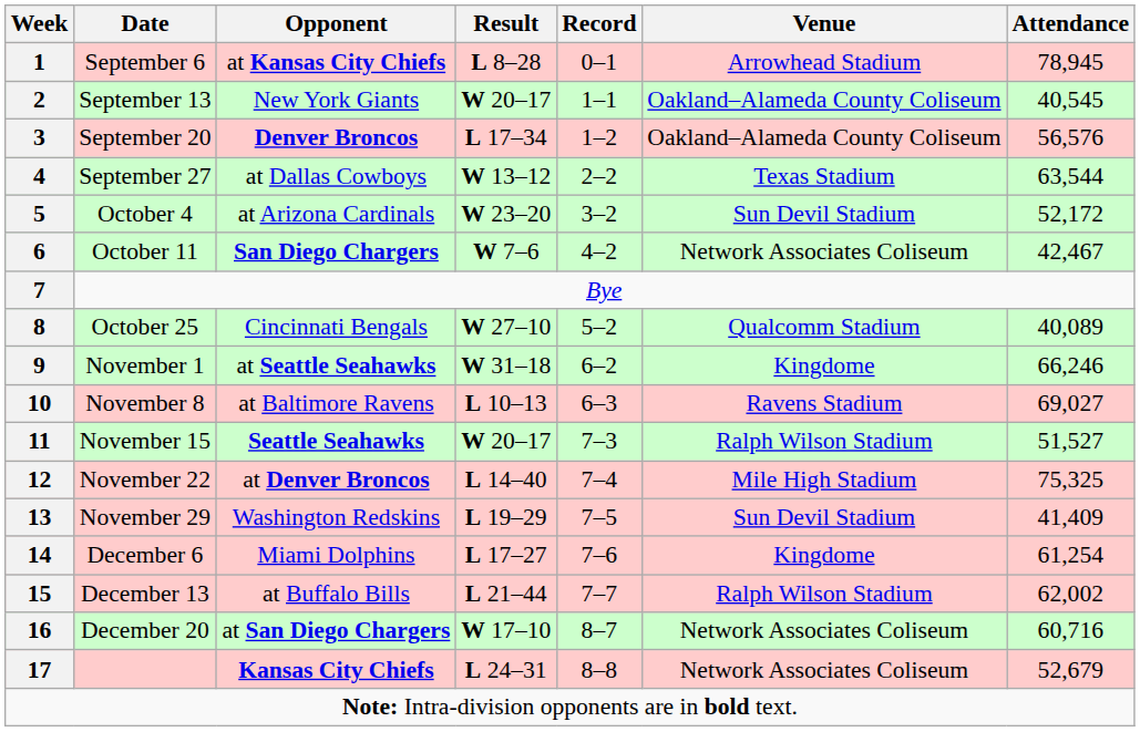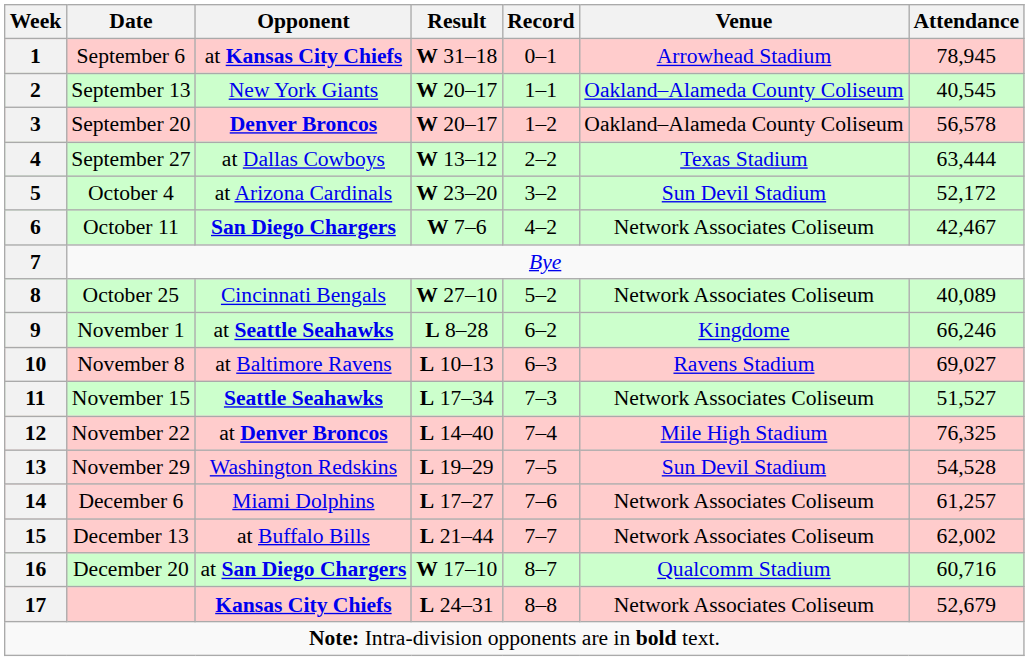 <table class="wikitable" style="text-align:center">
 <tr>
 <th>Week</th>
 <th>Date</th>
 <th>Opponent</th>
 <th>Result</th>
 <th>Record</th>
 <th>Venue</th>
 <th>Attendance</th>
 </tr>
 <tr style="background:#fcc">
 <th>1</th>
 <td>September 6</td>
 <td>at <strong><a href='#'>Kansas City Chiefs</a></strong></td>
-<td><strong>L</strong> 8–28</td>
+<td><strong>W</strong> 31–18</td>
 <td>0–1</td>
 <td><a href='#'>Arrowhead Stadium</a></td>
 <td>78,945</td>
 </tr>
 <tr style="background:#cfc">
 <th>2</th>
 <td>September 13</td>
 <td><a href='#'>New York Giants</a></td>
 <td><strong>W</strong> 20–17</td>
 <td>1–1</td>
 <td><a href='#'>Oakland–Alameda County Coliseum</a></td>
 <td>40,545</td>
 </tr>
 <tr style="background:#fcc">
 <th>3</th>
 <td>September 20</td>
 <td><strong><a href='#'>Denver Broncos</a></strong></td>
-<td><strong>L</strong> 17–34</td>
+<td><strong>W</strong> 20–17</td>
 <td>1–2</td>
 <td>Oakland–Alameda County Coliseum</td>
-<td>56,576</td>
+<td>56,578</td>
 </tr>
 <tr style="background:#cfc">
 <th>4</th>
 <td>September 27</td>
 <td>at <a href='#'>Dallas Cowboys</a></td>
 <td><strong>W</strong> 13–12</td>
 <td>2–2</td>
 <td><a href='#'>Texas Stadium</a></td>
-<td>63,544</td>
+<td>63,444</td>
 </tr>
 <tr style="background:#cfc">
 <th>5</th>
 <td>October 4</td>
 <td>at <a href='#'>Arizona Cardinals</a></td>
 <td><strong>W</strong> 23–20</td>
 <td>3–2</td>
 <td><a href='#'>Sun Devil Stadium</a></td>
 <td>52,172</td>
 </tr>
 <tr style="background:#cfc">
 <th>6</th>
 <td>October 11</td>
 <td><strong><a href='#'>San Diego Chargers</a></strong></td>
 <td><strong>W</strong> 7–6</td>
 <td>4–2</td>
 <td>Network Associates Coliseum</td>
 <td>42,467</td>
 </tr>
 <tr>
 <th>7</th>
 <td colspan=6 align="center"><em><a href='#'>Bye</a></em></td>
 </tr>
 <tr style="background:#cfc">
 <th>8</th>
 <td>October 25</td>
 <td><a href='#'>Cincinnati Bengals</a></td>
 <td><strong>W</strong> 27–10</td>
 <td>5–2</td>
-<td><a href='#'>Qualcomm Stadium</a></td>
+<td>Network Associates Coliseum</td>
 <td>40,089</td>
 </tr>
 <tr style="background:#cfc">
 <th>9</th>
 <td>November 1</td>
 <td>at <strong><a href='#'>Seattle Seahawks</a></strong></td>
-<td><strong>W</strong> 31–18</td>
+<td><strong>L</strong> 8–28</td>
 <td>6–2</td>
 <td><a href='#'>Kingdome</a></td>
 <td>66,246</td>
 </tr>
 <tr style="background:#fcc">
 <th>10</th>
 <td>November 8</td>
 <td>at <a href='#'>Baltimore Ravens</a></td>
 <td><strong>L</strong> 10–13</td>
 <td>6–3</td>
 <td><a href='#'>Ravens Stadium</a></td>
 <td>69,027</td>
 </tr>
 <tr style="background:#cfc">
 <th>11</th>
 <td>November 15</td>
 <td><strong><a href='#'>Seattle Seahawks</a></strong></td>
-<td><strong>W</strong> 20–17</td>
+<td><strong>L</strong> 17–34</td>
 <td>7–3</td>
-<td><a href='#'>Ralph Wilson Stadium</a></td>
+<td>Network Associates Coliseum</td>
 <td>51,527</td>
 </tr>
 <tr style="background:#fcc">
 <th>12</th>
 <td>November 22</td>
 <td>at <strong><a href='#'>Denver Broncos</a></strong></td>
 <td><strong>L</strong> 14–40</td>
 <td>7–4</td>
 <td><a href='#'>Mile High Stadium</a></td>
-<td>75,325</td>
+<td>76,325</td>
 </tr>
 <tr style="background:#fcc">
 <th>13</th>
 <td>November 29</td>
 <td><a href='#'>Washington Redskins</a></td>
 <td><strong>L</strong> 19–29</td>
 <td>7–5</td>
 <td><a href='#'>Sun Devil Stadium</a></td>
-<td>41,409</td>
+<td>54,528</td>
 </tr>
 <tr style="background:#fcc">
 <th>14</th>
 <td>December 6</td>
 <td><a href='#'>Miami Dolphins</a></td>
 <td><strong>L</strong> 17–27</td>
 <td>7–6</td>
-<td><a href='#'>Kingdome</a></td>
-<td>61,254</td>
+<td>Network Associates Coliseum</td>
+<td>61,257</td>
 </tr>
 <tr style="background:#fcc">
 <th>15</th>
 <td>December 13</td>
 <td>at <a href='#'>Buffalo Bills</a></td>
 <td><strong>L</strong> 21–44</td>
 <td>7–7</td>
-<td><a href='#'>Ralph Wilson Stadium</a></td>
+<td>Network Associates Coliseum</td>
 <td>62,002</td>
 </tr>
 <tr style="background:#cfc">
 <th>16</th>
 <td>December 20</td>
 <td>at <strong><a href='#'>San Diego Chargers</a></strong></td>
 <td><strong>W</strong> 17–10</td>
 <td>8–7</td>
-<td>Network Associates Coliseum</td>
+<td><a href='#'>Qualcomm Stadium</a></td>
 <td>60,716</td>
 </tr>
 <tr style="background:#fcc">
 <th>17</th>
 <td></td>
 <td><strong><a href='#'>Kansas City Chiefs</a></strong></td>
 <td><strong>L</strong> 24–31</td>
 <td>8–8</td>
 <td>Network Associates Coliseum</td>
 <td>52,679</td>
 </tr>
 <tr>
 <td colspan="8"><strong>Note:</strong> Intra-division opponents are in <strong>bold</strong> text.</td>
 </tr>
 </table>
